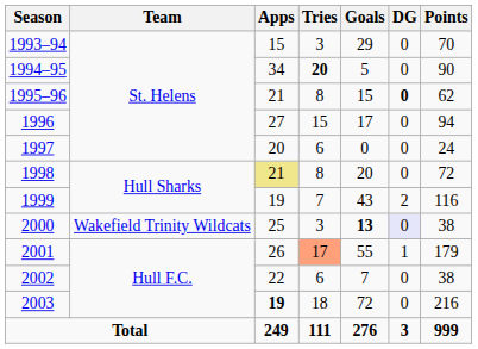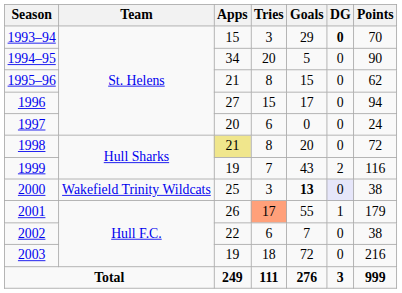 <table class="wikitable" style="text-align:center;">
 <tr>
 <th>Season</th>
 <th>Team</th>
 <th>Apps</th>
 <th>Tries</th>
 <th>Goals</th>
 <th>DG</th>
 <th>Points</th>
 </tr>
 <tr>
 <td><a href='#'>1993–94</a></td>
 <td rowspan="5"><a href='#'>St. Helens</a></td>
 <td>15</td>
 <td>3</td>
 <td>29</td>
-<td>0</td>
+<td><strong>0</strong></td>
 <td>70</td>
 </tr>
 <tr>
 <td><a href='#'>1994–95</a></td>
 <td>34</td>
-<td><strong>20</strong></td>
+<td>20</td>
 <td>5</td>
 <td>0</td>
 <td>90</td>
 </tr>
 <tr>
 <td><a href='#'>1995–96</a></td>
 <td>21</td>
 <td>8</td>
 <td>15</td>
-<td><strong>0</strong></td>
+<td>0</td>
 <td>62</td>
 </tr>
 <tr>
 <td><a href='#'>1996</a></td>
 <td>27</td>
 <td>15</td>
 <td>17</td>
 <td>0</td>
 <td>94</td>
 </tr>
 <tr>
 <td><a href='#'>1997</a></td>
 <td>20</td>
 <td>6</td>
 <td>0</td>
 <td>0</td>
 <td>24</td>
 </tr>
 <tr>
 <td><a href='#'>1998</a></td>
 <td rowspan="2"><a href='#'>Hull Sharks</a></td>
 <td style="background: khaki;">21</td>
 <td>8</td>
 <td>20</td>
 <td>0</td>
 <td>72</td>
 </tr>
 <tr>
 <td><a href='#'>1999</a></td>
 <td>19</td>
 <td>7</td>
 <td>43</td>
 <td>2</td>
 <td>116</td>
 </tr>
 <tr>
 <td><a href='#'>2000</a></td>
 <td><a href='#'>Wakefield Trinity Wildcats</a></td>
 <td>25</td>
 <td>3</td>
 <td><strong>13</strong></td>
 <td style="background: lavender;">0</td>
 <td>38</td>
 </tr>
 <tr>
 <td><a href='#'>2001</a></td>
 <td rowspan="3"><a href='#'>Hull F.C.</a></td>
 <td>26</td>
 <td style="background: lightsalmon;">17</td>
 <td>55</td>
 <td>1</td>
 <td>179</td>
 </tr>
 <tr>
 <td><a href='#'>2002</a></td>
 <td>22</td>
 <td>6</td>
 <td>7</td>
 <td>0</td>
 <td>38</td>
 </tr>
 <tr>
 <td><a href='#'>2003</a></td>
-<td><strong>19</strong></td>
+<td>19</td>
 <td>18</td>
 <td>72</td>
 <td>0</td>
 <td>216</td>
 </tr>
 <tr>
 <td colspan="2"><strong>Total</strong></td>
 <td><strong>249</strong></td>
 <td><strong>111</strong></td>
 <td><strong>276</strong></td>
 <td><strong>3</strong></td>
 <td><strong>999</strong></td>
 </tr>
 </table>
